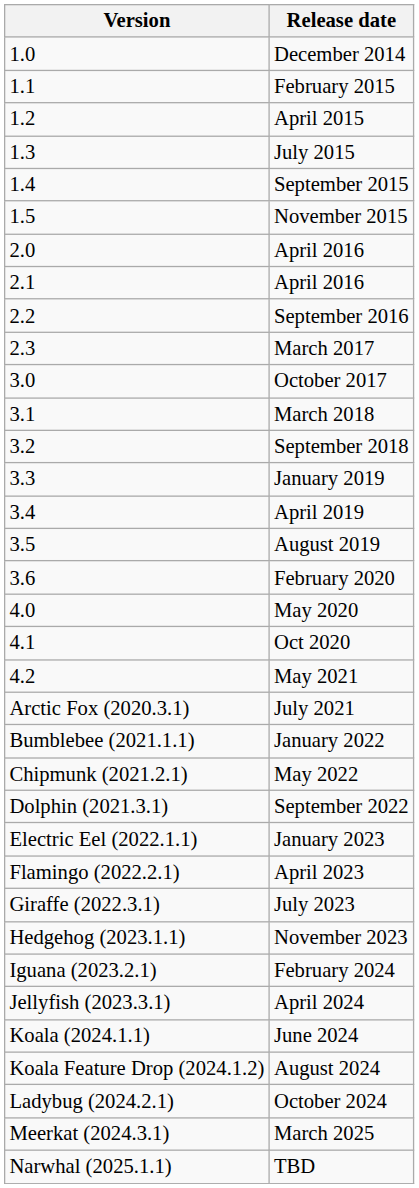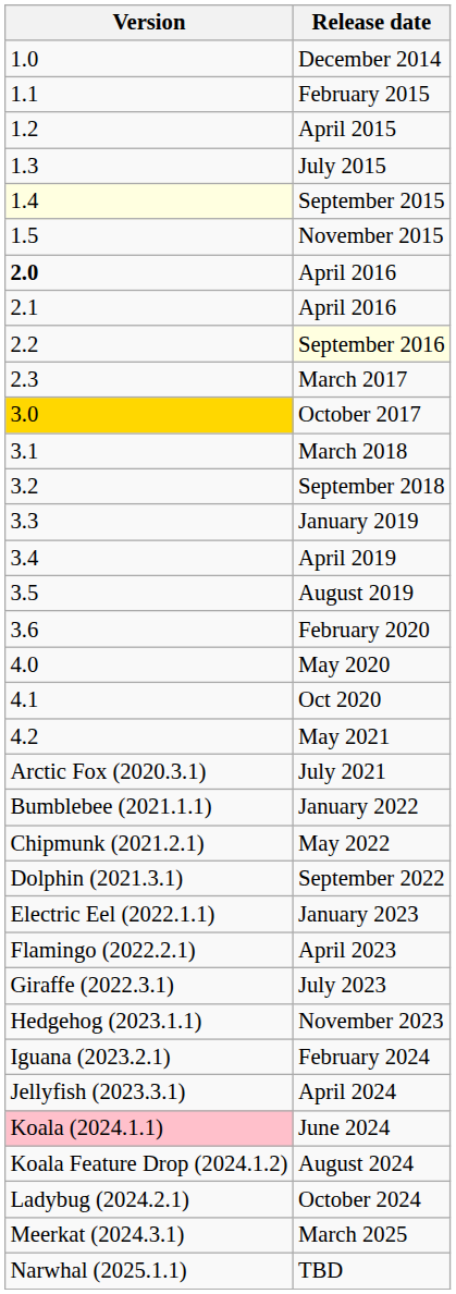 <table class="wikitable sortable">
 <tr>
 <th scope="col">Version</th>
 <th scope="col" class="unsortable">Release date</th>
 </tr>
 <tr>
 <td>1.0</td>
 <td>December 2014</td>
 </tr>
 <tr>
 <td>1.1</td>
 <td>February 2015</td>
 </tr>
 <tr>
 <td>1.2</td>
 <td>April 2015</td>
 </tr>
 <tr>
 <td>1.3</td>
 <td>July 2015</td>
 </tr>
 <tr>
-<td>1.4</td>
+<td style="background: lightyellow;">1.4</td>
 <td>September 2015</td>
 </tr>
 <tr>
 <td>1.5</td>
 <td>November 2015</td>
 </tr>
 <tr>
-<td>2.0</td>
+<td><strong>2.0</strong></td>
 <td>April 2016</td>
 </tr>
 <tr>
 <td>2.1</td>
 <td>April 2016</td>
 </tr>
 <tr>
 <td>2.2</td>
-<td>September 2016</td>
+<td style="background: lightyellow;">September 2016</td>
 </tr>
 <tr>
 <td>2.3</td>
 <td>March 2017</td>
 </tr>
 <tr>
-<td>3.0</td>
+<td style="background: gold;">3.0</td>
 <td>October 2017</td>
 </tr>
 <tr>
 <td>3.1</td>
 <td>March 2018</td>
 </tr>
 <tr>
 <td>3.2</td>
 <td>September 2018</td>
 </tr>
 <tr>
 <td>3.3</td>
 <td>January 2019</td>
 </tr>
 <tr>
 <td>3.4</td>
 <td>April 2019</td>
 </tr>
 <tr>
 <td>3.5</td>
 <td>August 2019</td>
 </tr>
 <tr>
 <td>3.6</td>
 <td>February 2020</td>
 </tr>
 <tr>
 <td>4.0</td>
 <td>May 2020</td>
 </tr>
 <tr>
 <td>4.1</td>
 <td>Oct 2020</td>
 </tr>
 <tr>
 <td>4.2</td>
 <td>May 2021</td>
 </tr>
 <tr>
 <td>Arctic Fox (2020.3.1)</td>
 <td>July 2021</td>
 </tr>
 <tr>
 <td>Bumblebee (2021.1.1)</td>
 <td>January 2022</td>
 </tr>
 <tr>
 <td>Chipmunk (2021.2.1)</td>
 <td>May 2022</td>
 </tr>
 <tr>
 <td>Dolphin (2021.3.1)</td>
 <td>September 2022</td>
 </tr>
 <tr>
 <td>Electric Eel (2022.1.1)</td>
 <td>January 2023</td>
 </tr>
 <tr>
 <td>Flamingo (2022.2.1)</td>
 <td>April 2023</td>
 </tr>
 <tr>
 <td>Giraffe (2022.3.1)</td>
 <td>July 2023</td>
 </tr>
 <tr>
 <td>Hedgehog (2023.1.1)</td>
 <td>November 2023</td>
 </tr>
 <tr>
 <td>Iguana (2023.2.1)</td>
 <td>February 2024</td>
 </tr>
 <tr>
 <td>Jellyfish (2023.3.1)</td>
 <td>April 2024</td>
 </tr>
 <tr>
-<td>Koala (2024.1.1)</td>
+<td style="background: pink;">Koala (2024.1.1)</td>
 <td>June 2024</td>
 </tr>
 <tr>
 <td>Koala Feature Drop (2024.1.2)</td>
 <td>August 2024</td>
 </tr>
 <tr>
 <td>Ladybug (2024.2.1)</td>
 <td>October 2024</td>
 </tr>
 <tr>
 <td>Meerkat (2024.3.1)</td>
 <td>March 2025</td>
 </tr>
 <tr>
 <td>Narwhal (2025.1.1)</td>
 <td>TBD</td>
 </tr>
 </table>
